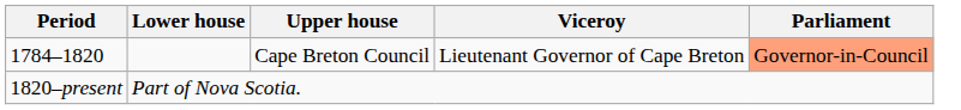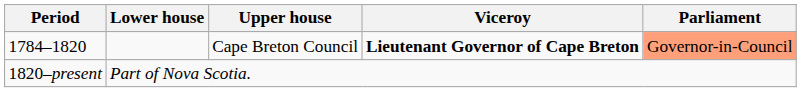 <table class="wikitable">
 <tr>
 <th>Period</th>
 <th>Lower house</th>
 <th>Upper house</th>
 <th>Viceroy</th>
 <th>Parliament</th>
 </tr>
 <tr>
 <td>1784–1820</td>
 <td></td>
 <td>Cape Breton Council</td>
-<td>Lieutenant Governor of Cape Breton</td>
+<td><strong>Lieutenant Governor of Cape Breton</strong></td>
 <td style="background: lightsalmon;">Governor-in-Council</td>
 </tr>
 <tr>
 <td>1820–<em>present</em></td>
 <td colspan="4"><em>Part of Nova Scotia.</em></td>
 </tr>
 </table>
